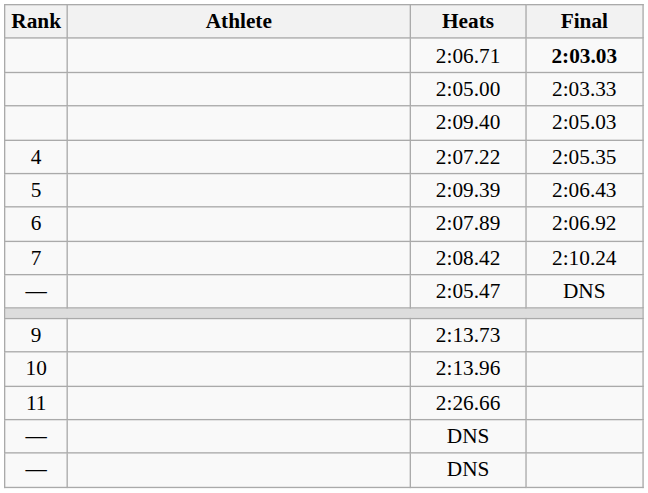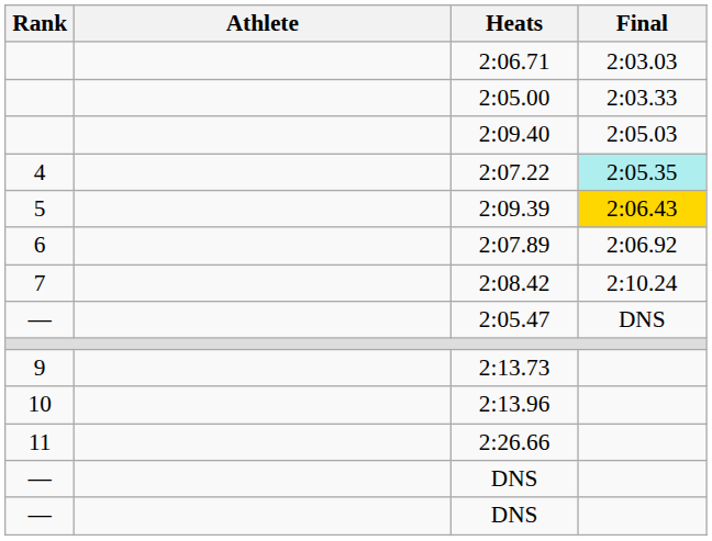 <table class=wikitable style="text-align:center">
 <tr>
 <th width=40>Rank</th>
 <th width=250>Athlete</th>
 <th width=80>Heats</th>
 <th width=80>Final</th>
 </tr>
 <tr>
 <td></td>
 <td align=left></td>
 <td>2:06.71</td>
-<td><strong>2:03.03</strong></td>
+<td>2:03.03</td>
 </tr>
 <tr>
 <td></td>
 <td align=left></td>
 <td>2:05.00</td>
 <td>2:03.33</td>
 </tr>
 <tr>
 <td></td>
 <td align=left></td>
 <td>2:09.40</td>
 <td>2:05.03</td>
 </tr>
 <tr>
 <td>4</td>
 <td align=left></td>
 <td>2:07.22</td>
-<td>2:05.35</td>
+<td style="background: paleturquoise;">2:05.35</td>
 </tr>
 <tr>
 <td>5</td>
 <td align=left></td>
 <td>2:09.39</td>
-<td>2:06.43</td>
+<td style="background: gold;">2:06.43</td>
 </tr>
 <tr>
 <td>6</td>
 <td align=left></td>
 <td>2:07.89</td>
 <td>2:06.92</td>
 </tr>
 <tr>
 <td>7</td>
 <td align=left></td>
 <td>2:08.42</td>
 <td>2:10.24</td>
 </tr>
 <tr>
 <td>—</td>
 <td align=left></td>
 <td>2:05.47</td>
 <td>DNS</td>
 </tr>
 <tr bgcolor=#DDDDDD>
 <td colspan=4></td>
 </tr>
 <tr>
 <td>9</td>
 <td align=left></td>
 <td>2:13.73</td>
 <td></td>
 </tr>
 <tr>
 <td>10</td>
 <td align=left></td>
 <td>2:13.96</td>
 <td></td>
 </tr>
 <tr>
 <td>11</td>
 <td align=left></td>
 <td>2:26.66</td>
 <td></td>
 </tr>
 <tr>
 <td>—</td>
 <td align=left></td>
 <td>DNS</td>
 <td></td>
 </tr>
 <tr>
 <td>—</td>
 <td align=left></td>
 <td>DNS</td>
 <td></td>
 </tr>
 </table>
